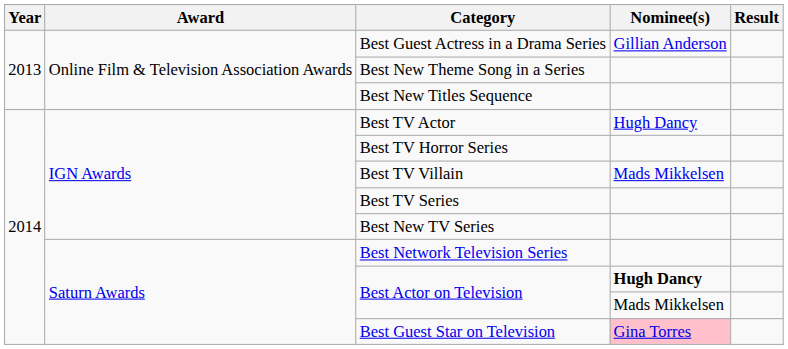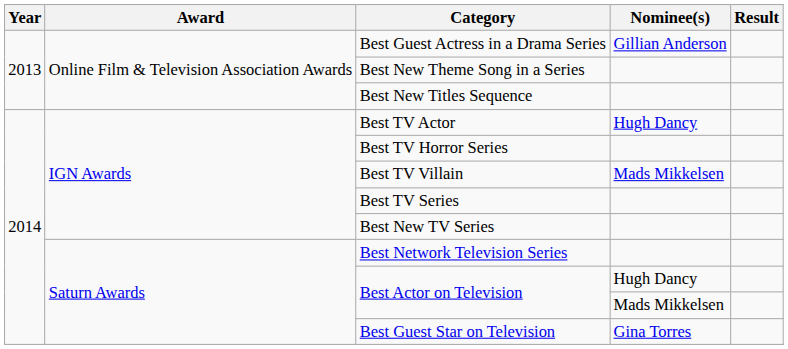 <table class="wikitable sortable">
 <tr>
 <th>Year</th>
 <th>Award</th>
 <th>Category</th>
 <th>Nominee(s)</th>
 <th>Result</th>
 </tr>
 <tr>
 <td rowspan="3">2013</td>
 <td rowspan="3">Online Film & Television Association Awards</td>
 <td>Best Guest Actress in a Drama Series</td>
 <td><a href='#'>Gillian Anderson</a></td>
 <td></td>
 </tr>
 <tr>
 <td>Best New Theme Song in a Series</td>
 <td></td>
 <td></td>
 </tr>
 <tr>
 <td>Best New Titles Sequence</td>
 <td></td>
 <td></td>
 </tr>
 <tr>
 <td rowspan="13">2014</td>
 <td rowspan="5"><a href='#'>IGN Awards</a></td>
 <td>Best TV Actor</td>
 <td><a href='#'>Hugh Dancy</a></td>
 <td></td>
 </tr>
 <tr>
 <td>Best TV Horror Series</td>
 <td></td>
 <td></td>
 </tr>
 <tr>
 <td>Best TV Villain</td>
 <td><a href='#'>Mads Mikkelsen</a></td>
 <td></td>
 </tr>
 <tr>
 <td>Best TV Series</td>
 <td></td>
 <td></td>
 </tr>
 <tr>
 <td>Best New TV Series</td>
 <td></td>
 <td></td>
 </tr>
 <tr>
 <td rowspan="4"><a href='#'>Saturn Awards</a></td>
 <td><a href='#'>Best Network Television Series</a></td>
 <td></td>
 <td></td>
 </tr>
 <tr>
 <td rowspan="2"><a href='#'>Best Actor on Television</a></td>
-<td><strong>Hugh Dancy</strong></td>
+<td>Hugh Dancy</td>
 <td></td>
 </tr>
 <tr>
 <td>Mads Mikkelsen</td>
 <td></td>
 </tr>
 <tr>
 <td><a href='#'>Best Guest Star on Television</a></td>
-<td style="background: pink;"><a href='#'>Gina Torres</a></td>
+<td><a href='#'>Gina Torres</a></td>
 <td></td>
 </tr>
 </table>
